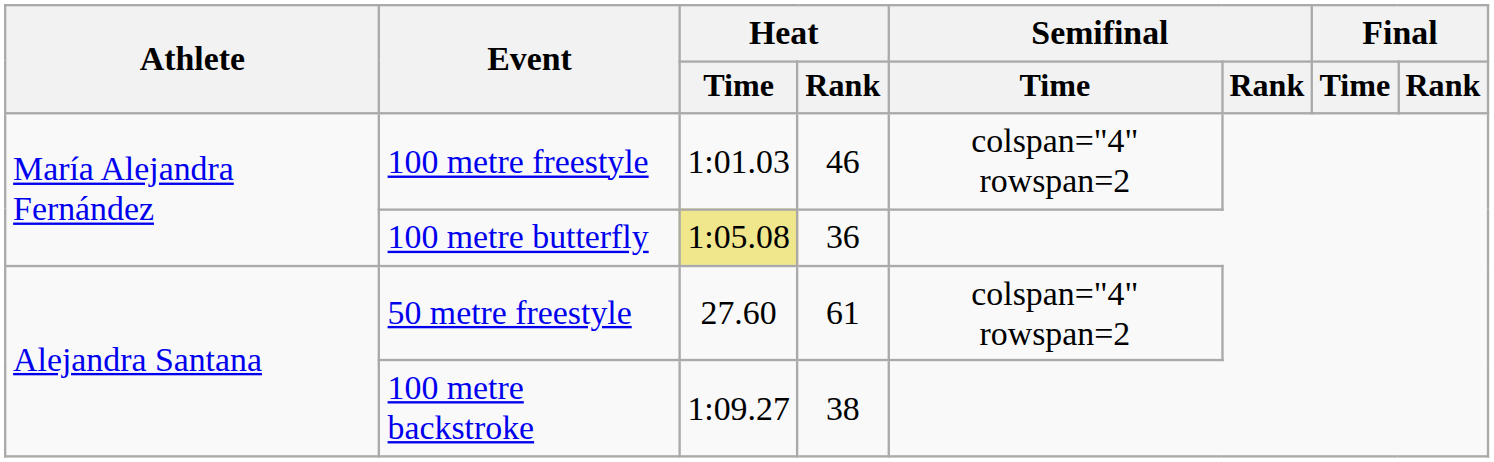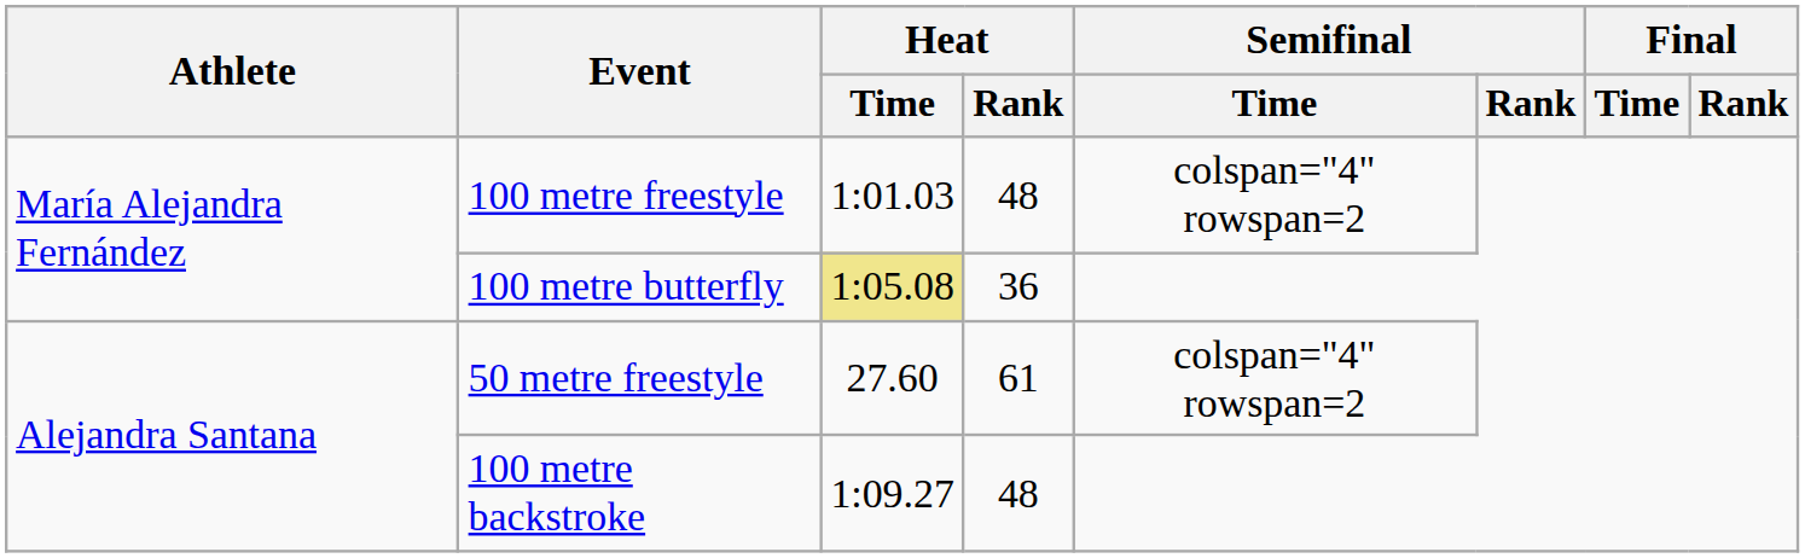 <table class="wikitable" style="text-align:center; font-size:90%; width:50%;">
 <tr>
 <th rowspan="2">Athlete</th>
 <th rowspan="2">Event</th>
 <th colspan="2">Heat</th>
 <th colspan="2">Semifinal</th>
 <th colspan="2">Final</th>
 </tr>
 <tr style="font-size:95%">
 <th>Time</th>
 <th>Rank</th>
 <th>Time</th>
 <th>Rank</th>
 <th>Time</th>
 <th>Rank</th>
 </tr>
 <tr>
 <td align=left rowspan=2><a href='#'>María Alejandra Fernández</a></td>
 <td align=left><a href='#'>100 metre freestyle</a></td>
 <td>1:01.03</td>
-<td>46</td>
+<td>48</td>
 <td>colspan="4" rowspan=2 </td>
 </tr>
 <tr>
 <td align=left><a href='#'>100 metre butterfly</a></td>
 <td style="background: khaki;">1:05.08</td>
 <td>36</td>
 </tr>
 <tr align=center>
 <td align=left rowspan=2><a href='#'>Alejandra Santana</a></td>
 <td align=left><a href='#'>50 metre freestyle</a></td>
 <td>27.60</td>
 <td>61</td>
 <td>colspan="4" rowspan=2 </td>
 </tr>
 <tr>
 <td align=left><a href='#'>100 metre backstroke</a></td>
 <td>1:09.27</td>
-<td>38</td>
+<td>48</td>
 </tr>
 </table>
